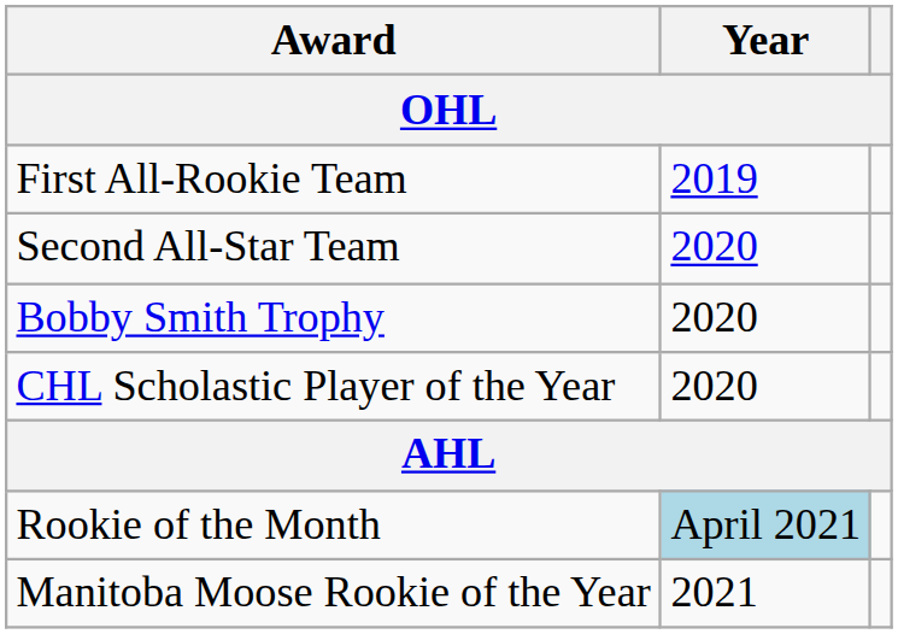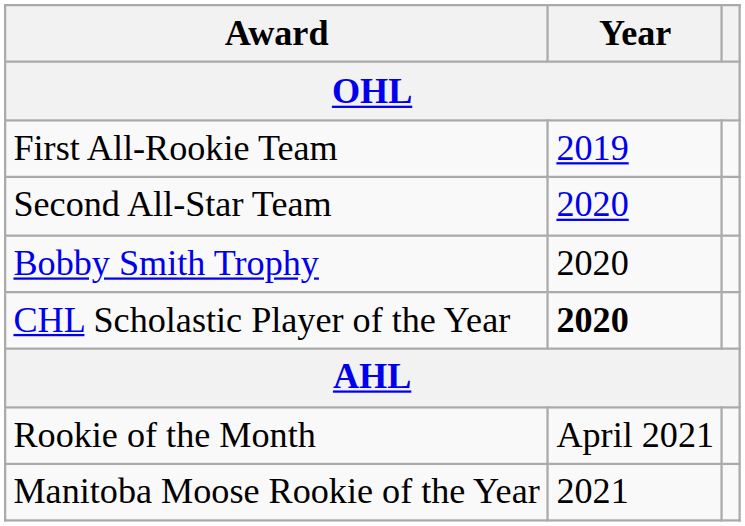 <table class="wikitable">
 <tr>
 <th>Award</th>
 <th>Year</th>
 <th></th>
 </tr>
 <tr>
 <th colspan="3"><a href='#'>OHL</a></th>
 </tr>
 <tr>
 <td>First All-Rookie Team</td>
 <td><a href='#'>2019</a></td>
 <td></td>
 </tr>
 <tr>
 <td>Second All-Star Team</td>
 <td><a href='#'>2020</a></td>
 <td></td>
 </tr>
 <tr>
 <td><a href='#'>Bobby Smith Trophy</a></td>
 <td>2020</td>
 <td></td>
 </tr>
 <tr>
 <td><a href='#'>CHL</a> Scholastic Player of the Year</td>
-<td>2020</td>
+<td><strong>2020</strong></td>
 <td></td>
 </tr>
 <tr>
 <th colspan="3"><a href='#'>AHL</a></th>
 </tr>
 <tr>
 <td>Rookie of the Month</td>
-<td style="background: lightblue;">April 2021</td>
+<td>April 2021</td>
 <td></td>
 </tr>
 <tr>
 <td>Manitoba Moose Rookie of the Year</td>
 <td>2021</td>
 <td></td>
 </tr>
 </table>
